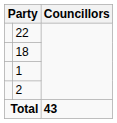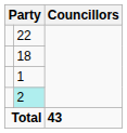 <table class="wikitable">
 <tr>
 <th colspan="2" rowspan="1" align="center" valign="top"><strong>Party</strong></th>
 <th valign="top"><strong>Councillors</strong><br></th>
 </tr>
 <tr>
 <td></td>
 <td>22</td>
 </tr>
 <tr>
 <td></td>
 <td>18</td>
 </tr>
 <tr>
 <td></td>
 <td>1</td>
 </tr>
 <tr>
 <td></td>
-<td>2</td>
+<td style="background: paleturquoise;">2</td>
 </tr>
 <tr>
 <td colspan="2" rowspan="1"> <strong>Total</strong><br></td>
 <td><strong>43</strong></td>
 </tr>
 </table>
